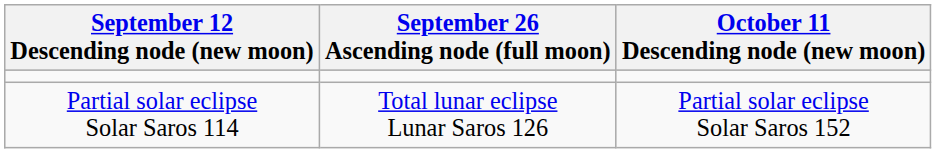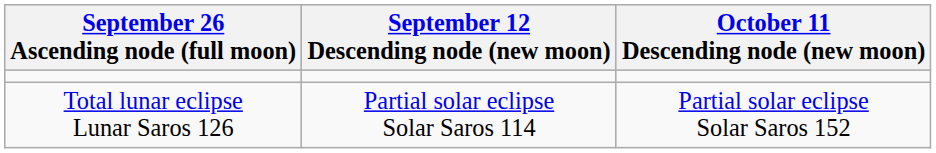 <table class="wikitable">
 <tr>
+<th><a href='#'>September 26</a><br>Ascending node (full moon)</th>
 <th><a href='#'>September 12</a><br>Descending node (new moon)</th>
-<th><a href='#'>September 26</a><br>Ascending node (full moon)</th>
 <th><a href='#'>October 11</a><br>Descending node (new moon)</th>
 </tr>
 <tr>
 <td></td>
 <td></td>
 <td></td>
 </tr>
 <tr align=center>
+<td><a href='#'>Total lunar eclipse</a><br>Lunar Saros 126</td>
 <td><a href='#'>Partial solar eclipse</a><br>Solar Saros 114</td>
-<td><a href='#'>Total lunar eclipse</a><br>Lunar Saros 126</td>
 <td><a href='#'>Partial solar eclipse</a><br>Solar Saros 152</td>
 </tr>
 </table>
